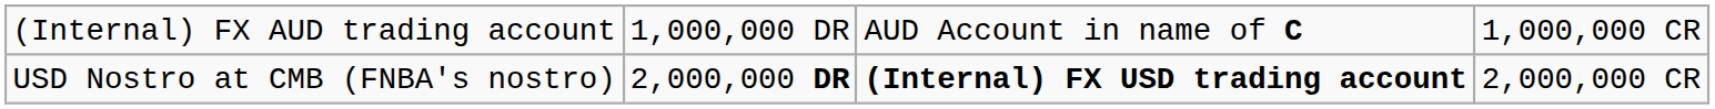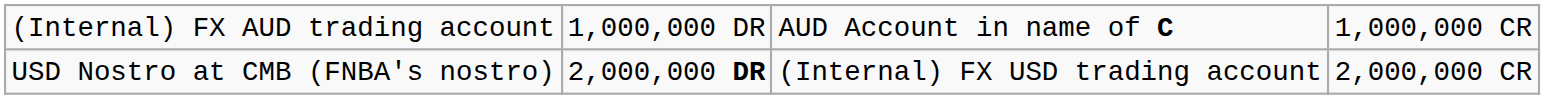 <table class="wikitable">
 <tr>
 <td>(Internal) FX AUD trading account</td>
 <td>1,000,000 DR</td>
 <td>AUD Account in name of <strong>C</strong></td>
 <td>1,000,000 CR</td>
 </tr>
 <tr>
 <td>USD Nostro at CMB (FNBA's nostro)</td>
 <td>2,000,000 <strong>DR</strong></td>
-<td><strong>(Internal) FX USD trading account</strong></td>
+<td>(Internal) FX USD trading account</td>
 <td>2,000,000 CR</td>
 </tr>
 </table>
